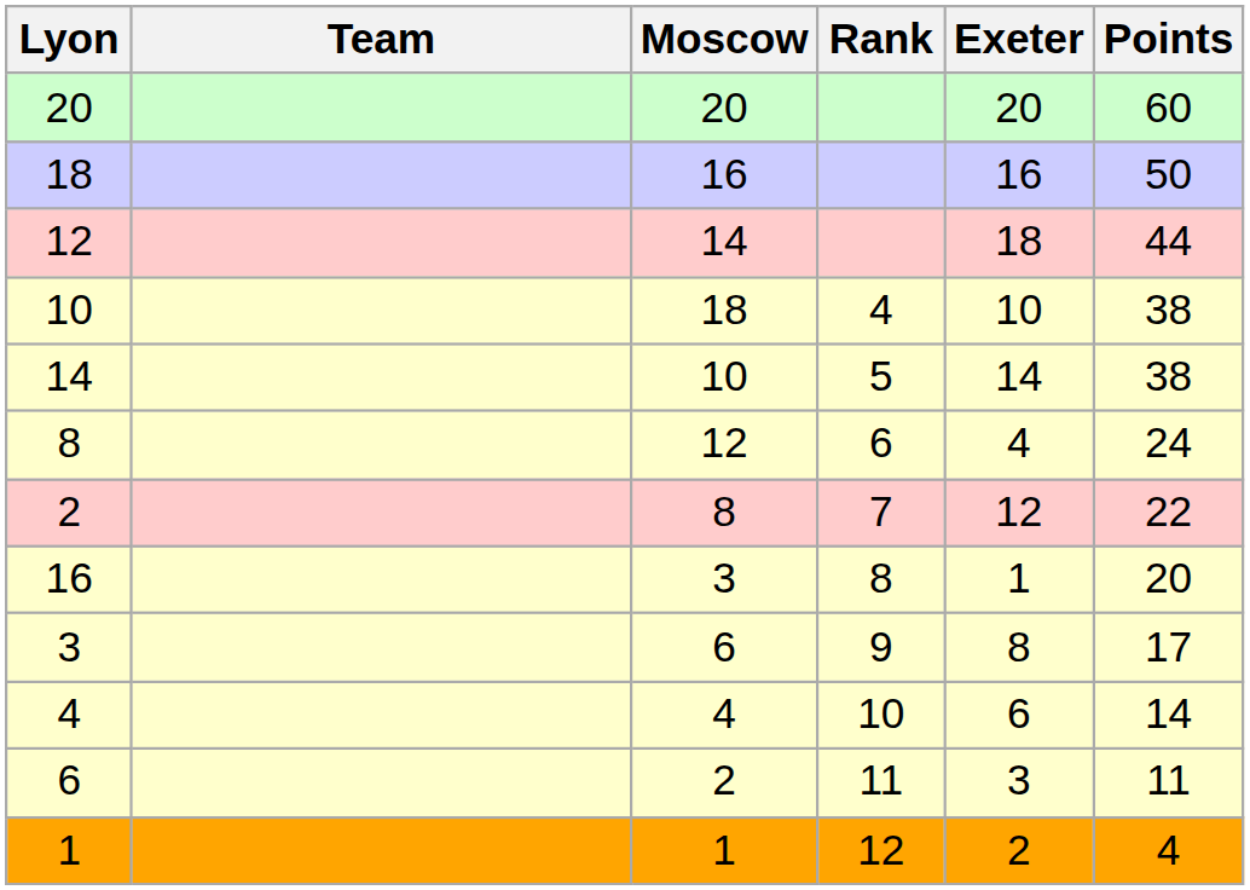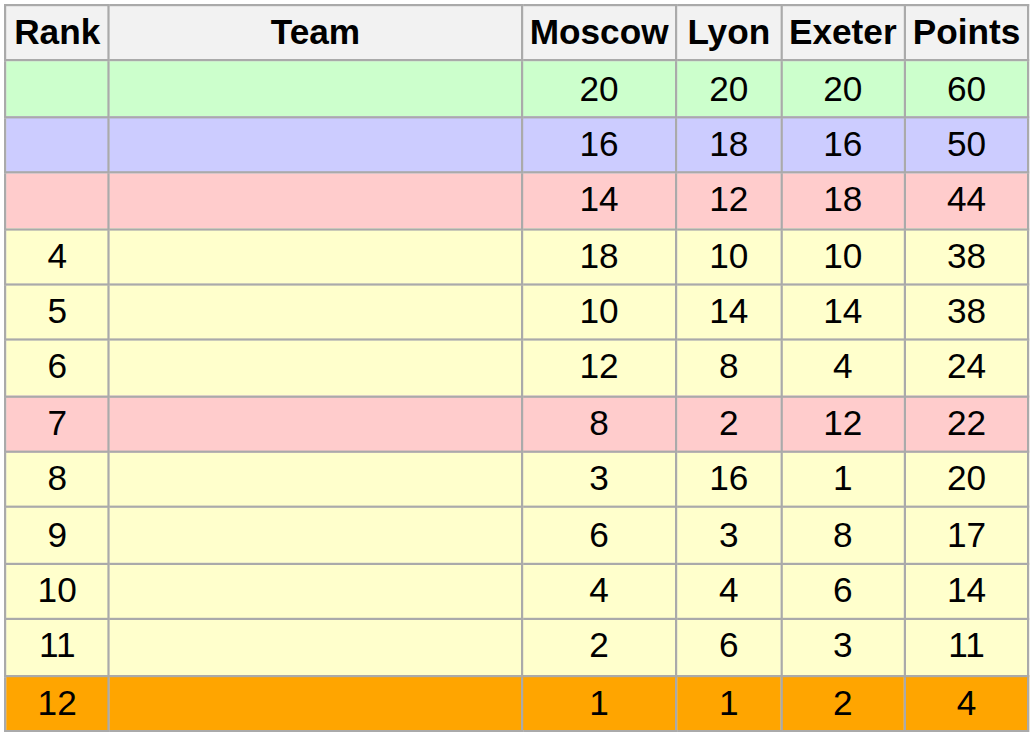 <table class="wikitable" style="text-align: center;">
 <tr>
-<th width=40>Lyon</th>
+<th width=40>Rank</th>
 <th width=180>Team</th>
 <th width=40>Moscow</th>
-<th width=40>Rank</th>
+<th width=40>Lyon</th>
 <th width=40>Exeter</th>
 <th width=40>Points</th>
 </tr>
 <tr bgcolor=ccffcc>
-<td>20</td>
+<td></td>
 <td align=left></td>
 <td>20</td>
-<td></td>
+<td>20</td>
 <td>20</td>
 <td>60</td>
 </tr>
 <tr bgcolor=ccccff>
-<td>18</td>
+<td></td>
 <td align=left></td>
 <td>16</td>
-<td></td>
+<td>18</td>
 <td>16</td>
 <td>50</td>
 </tr>
 <tr bgcolor=ffcccc>
-<td>12</td>
+<td></td>
 <td align=left></td>
 <td>14</td>
-<td></td>
+<td>12</td>
 <td>18</td>
 <td>44</td>
 </tr>
 <tr bgcolor=ffffcc>
-<td>10</td>
+<td>4</td>
 <td align=left></td>
 <td>18</td>
-<td>4</td>
+<td>10</td>
 <td>10</td>
 <td>38</td>
 </tr>
 <tr bgcolor=ffffcc>
-<td>14</td>
+<td>5</td>
 <td align=left></td>
 <td>10</td>
-<td>5</td>
+<td>14</td>
 <td>14</td>
 <td>38</td>
 </tr>
 <tr bgcolor=ffffcc>
-<td>8</td>
+<td>6</td>
 <td align=left></td>
 <td>12</td>
-<td>6</td>
+<td>8</td>
 <td>4</td>
 <td>24</td>
 </tr>
 <tr bgcolor=ffcccc>
-<td>2</td>
+<td>7</td>
 <td align=left></td>
 <td>8</td>
-<td>7</td>
+<td>2</td>
 <td>12</td>
 <td>22</td>
 </tr>
 <tr bgcolor=ffffcc>
-<td>16</td>
+<td>8</td>
 <td align=left></td>
 <td>3</td>
-<td>8</td>
+<td>16</td>
 <td>1</td>
 <td>20</td>
 </tr>
 <tr bgcolor=ffffcc>
-<td>3</td>
+<td>9</td>
 <td align=left></td>
 <td>6</td>
-<td>9</td>
+<td>3</td>
 <td>8</td>
 <td>17</td>
 </tr>
 <tr bgcolor=ffffcc>
-<td>4</td>
+<td>10</td>
 <td align=left></td>
 <td>4</td>
-<td>10</td>
+<td>4</td>
 <td>6</td>
 <td>14</td>
 </tr>
 <tr bgcolor=ffffcc>
-<td>6</td>
+<td>11</td>
 <td align=left></td>
 <td>2</td>
-<td>11</td>
+<td>6</td>
 <td>3</td>
 <td>11</td>
 </tr>
 <tr bgcolor=FFA500>
-<td>1</td>
+<td>12</td>
 <td align=left></td>
 <td>1</td>
-<td>12</td>
+<td>1</td>
 <td>2</td>
 <td>4</td>
 </tr>
 </table>
